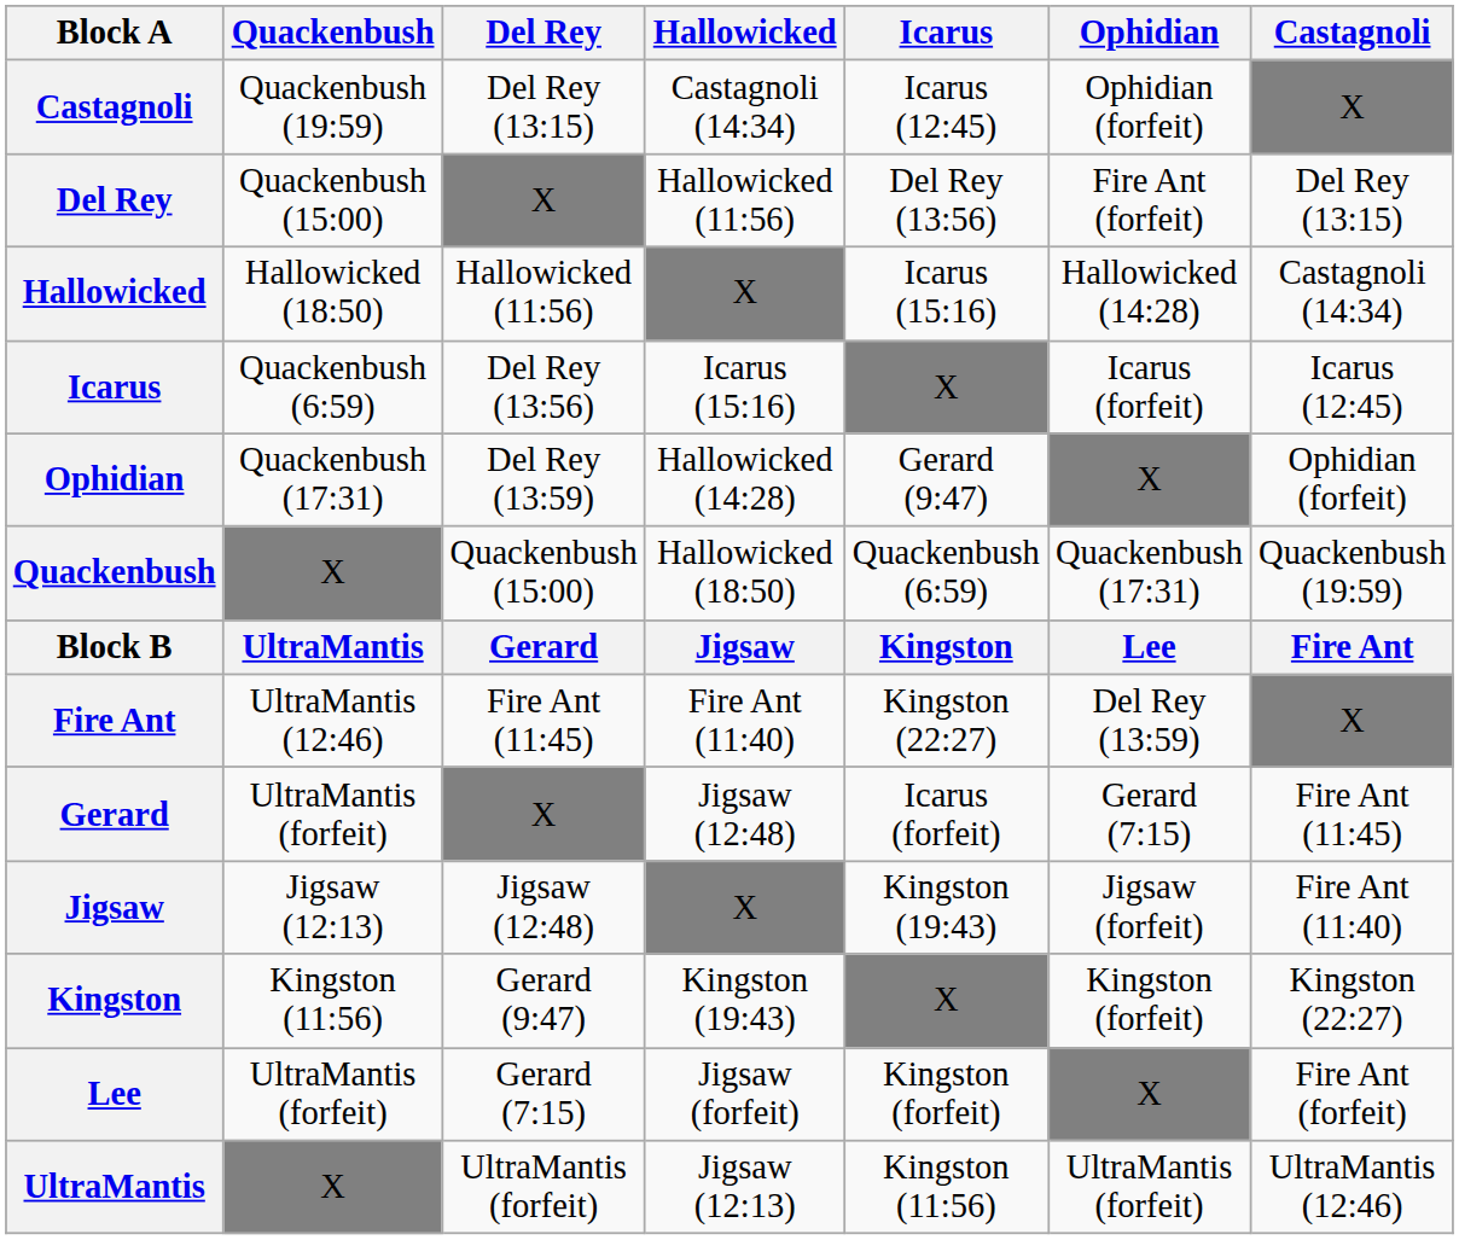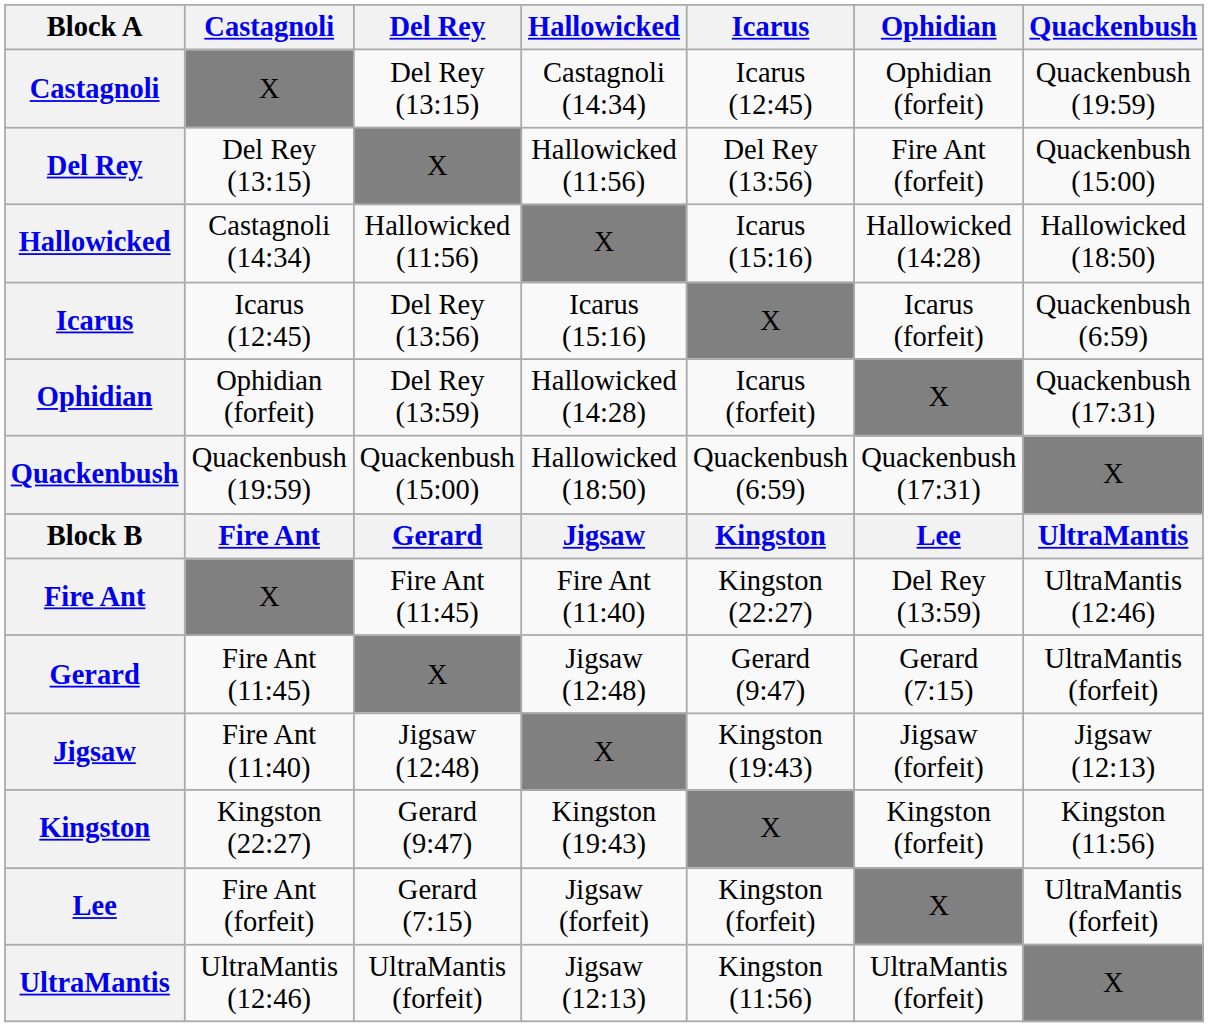 <table class="wikitable" style="margin: 1em auto 1em auto">
 <tr align="center">
 <th>Block A</th>
-<th><a href='#'>Quackenbush</a></th>
+<th><a href='#'>Castagnoli</a></th>
 <th><a href='#'>Del Rey</a></th>
 <th><a href='#'>Hallowicked</a></th>
 <th><a href='#'>Icarus</a></th>
 <th><a href='#'>Ophidian</a></th>
-<th><a href='#'>Castagnoli</a></th>
+<th><a href='#'>Quackenbush</a></th>
 </tr>
 <tr align="center">
 <th><a href='#'>Castagnoli</a></th>
-<td>Quackenbush<br>(19:59)</td>
+<td bgcolor=grey>X</td>
 <td>Del Rey<br>(13:15)</td>
 <td>Castagnoli<br>(14:34)</td>
 <td>Icarus<br>(12:45)</td>
 <td>Ophidian<br>(forfeit)</td>
-<td bgcolor=grey>X</td>
+<td>Quackenbush<br>(19:59)</td>
 </tr>
 <tr align="center">
 <th><a href='#'>Del Rey</a></th>
-<td>Quackenbush<br>(15:00)</td>
+<td>Del Rey<br>(13:15)</td>
 <td bgcolor=grey>X</td>
 <td>Hallowicked<br>(11:56)</td>
 <td>Del Rey<br>(13:56)</td>
 <td>Fire Ant<br>(forfeit)</td>
-<td>Del Rey<br>(13:15)</td>
+<td>Quackenbush<br>(15:00)</td>
 </tr>
 <tr align="center">
 <th><a href='#'>Hallowicked</a></th>
-<td>Hallowicked<br>(18:50)</td>
+<td>Castagnoli<br>(14:34)</td>
 <td>Hallowicked<br>(11:56)</td>
 <td bgcolor=grey>X</td>
 <td>Icarus<br>(15:16)</td>
 <td>Hallowicked<br>(14:28)</td>
-<td>Castagnoli<br>(14:34)</td>
+<td>Hallowicked<br>(18:50)</td>
 </tr>
 <tr align="center">
 <th><a href='#'>Icarus</a></th>
-<td>Quackenbush<br>(6:59)</td>
+<td>Icarus<br>(12:45)</td>
 <td>Del Rey<br>(13:56)</td>
 <td>Icarus<br>(15:16)</td>
 <td bgcolor=grey>X</td>
 <td>Icarus<br>(forfeit)</td>
-<td>Icarus<br>(12:45)</td>
+<td>Quackenbush<br>(6:59)</td>
 </tr>
 <tr align="center">
 <th><a href='#'>Ophidian</a></th>
-<td>Quackenbush<br>(17:31)</td>
+<td>Ophidian<br>(forfeit)</td>
 <td>Del Rey<br>(13:59)</td>
 <td>Hallowicked<br>(14:28)</td>
-<td>Gerard<br>(9:47)</td>
+<td>Icarus<br>(forfeit)</td>
 <td bgcolor=grey>X</td>
-<td>Ophidian<br>(forfeit)</td>
+<td>Quackenbush<br>(17:31)</td>
 </tr>
 <tr align="center">
 <th><a href='#'>Quackenbush</a></th>
-<td bgcolor=grey>X</td>
+<td>Quackenbush<br>(19:59)</td>
 <td>Quackenbush<br>(15:00)</td>
 <td>Hallowicked<br>(18:50)</td>
 <td>Quackenbush<br>(6:59)</td>
 <td>Quackenbush<br>(17:31)</td>
-<td>Quackenbush<br>(19:59)</td>
+<td bgcolor=grey>X</td>
 </tr>
 <tr align="center">
 <th>Block B</th>
-<th><a href='#'>UltraMantis</a></th>
+<th><a href='#'>Fire Ant</a></th>
 <th><a href='#'>Gerard</a></th>
 <th><a href='#'>Jigsaw</a></th>
 <th><a href='#'>Kingston</a></th>
 <th><a href='#'>Lee</a></th>
-<th><a href='#'>Fire Ant</a></th>
+<th><a href='#'>UltraMantis</a></th>
 </tr>
 <tr align="center">
 <th><a href='#'>Fire Ant</a></th>
-<td>UltraMantis<br>(12:46)</td>
+<td bgcolor=grey>X</td>
 <td>Fire Ant<br>(11:45)</td>
 <td>Fire Ant<br>(11:40)</td>
 <td>Kingston<br>(22:27)</td>
 <td>Del Rey<br>(13:59)</td>
-<td bgcolor=grey>X</td>
+<td>UltraMantis<br>(12:46)</td>
 </tr>
 <tr align="center">
 <th><a href='#'>Gerard</a></th>
-<td>UltraMantis<br>(forfeit)</td>
+<td>Fire Ant<br>(11:45)</td>
 <td bgcolor=grey>X</td>
 <td>Jigsaw<br>(12:48)</td>
-<td>Icarus<br>(forfeit)</td>
+<td>Gerard<br>(9:47)</td>
 <td>Gerard<br>(7:15)</td>
-<td>Fire Ant<br>(11:45)</td>
+<td>UltraMantis<br>(forfeit)</td>
 </tr>
 <tr align="center">
 <th><a href='#'>Jigsaw</a></th>
-<td>Jigsaw<br>(12:13)</td>
+<td>Fire Ant<br>(11:40)</td>
 <td>Jigsaw<br>(12:48)</td>
 <td bgcolor=grey>X</td>
 <td>Kingston<br>(19:43)</td>
 <td>Jigsaw<br>(forfeit)</td>
-<td>Fire Ant<br>(11:40)</td>
+<td>Jigsaw<br>(12:13)</td>
 </tr>
 <tr align="center">
 <th><a href='#'>Kingston</a></th>
-<td>Kingston<br>(11:56)</td>
+<td>Kingston<br>(22:27)</td>
 <td>Gerard<br>(9:47)</td>
 <td>Kingston<br>(19:43)</td>
 <td bgcolor=grey>X</td>
 <td>Kingston<br>(forfeit)</td>
-<td>Kingston<br>(22:27)</td>
+<td>Kingston<br>(11:56)</td>
 </tr>
 <tr align="center">
 <th><a href='#'>Lee</a></th>
-<td>UltraMantis<br>(forfeit)</td>
+<td>Fire Ant<br>(forfeit)</td>
 <td>Gerard<br>(7:15)</td>
 <td>Jigsaw<br>(forfeit)</td>
 <td>Kingston<br>(forfeit)</td>
 <td bgcolor=grey>X</td>
-<td>Fire Ant<br>(forfeit)</td>
+<td>UltraMantis<br>(forfeit)</td>
 </tr>
 <tr align="center">
 <th><a href='#'>UltraMantis</a></th>
-<td bgcolor=grey>X</td>
+<td>UltraMantis<br>(12:46)</td>
 <td>UltraMantis<br>(forfeit)</td>
 <td>Jigsaw<br>(12:13)</td>
 <td>Kingston<br>(11:56)</td>
 <td>UltraMantis<br>(forfeit)</td>
-<td>UltraMantis<br>(12:46)</td>
+<td bgcolor=grey>X</td>
 </tr>
 </table>
